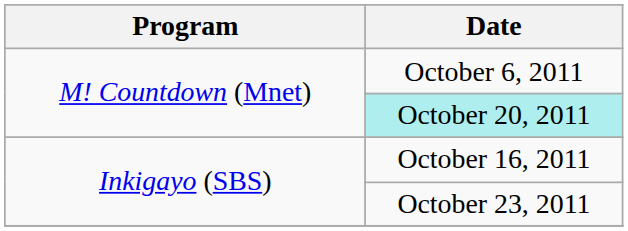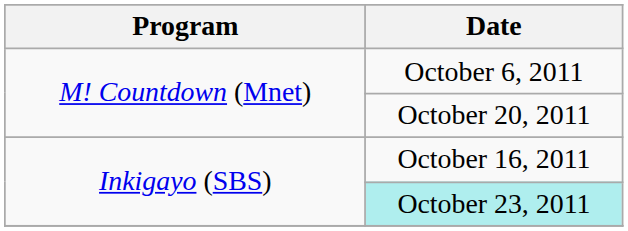 <table class="wikitable" style="text-align:center">
 <tr>
 <th width="200">Program</th>
 <th width="140">Date</th>
 </tr>
 <tr>
 <td rowspan="2"><em><a href='#'>M! Countdown</a></em> (<a href='#'>Mnet</a>)</td>
 <td>October 6, 2011</td>
 </tr>
 <tr>
-<td style="background: paleturquoise;">October 20, 2011</td>
+<td>October 20, 2011</td>
 </tr>
 <tr>
 <td rowspan="2"><em><a href='#'>Inkigayo</a></em> (<a href='#'>SBS</a>)</td>
 <td>October 16, 2011</td>
 </tr>
 <tr>
-<td>October 23, 2011</td>
+<td style="background: paleturquoise;">October 23, 2011</td>
 </tr>
 <tr>
 </tr>
 </table>
